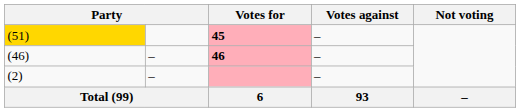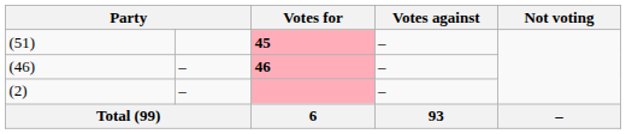 <table class="wikitable" style="width:50%;">
 <tr>
 <th colspan="2">Party</th>
 <th style="width:20%;">Votes for</th>
 <th style="width:20%;">Votes against</th>
 <th style="width:20%;">Not voting</th>
 </tr>
 <tr>
-<td style="background: gold;"> (51)</td>
+<td> (51)</td>
 <td></td>
 <td style="background-color:#ffaeb9;"><strong>45</strong></td>
 <td>–</td>
 </tr>
 <tr>
 <td> (46)</td>
 <td>–</td>
 <td style="background-color:#ffaeb9;"><strong>46</strong></td>
 <td>–</td>
 </tr>
 <tr>
 <td> (2)</td>
 <td>–</td>
 <td style="background-color:#ffaeb9;"></td>
 <td>–</td>
 </tr>
 <tr>
 <th colspan="2">Total (99)</th>
 <th>6</th>
 <th>93</th>
 <th>–</th>
 </tr>
 </table>
